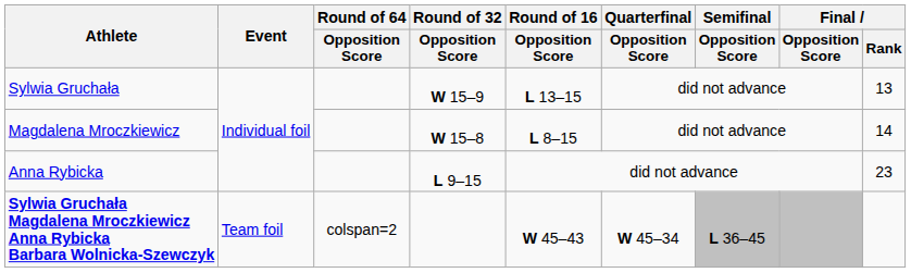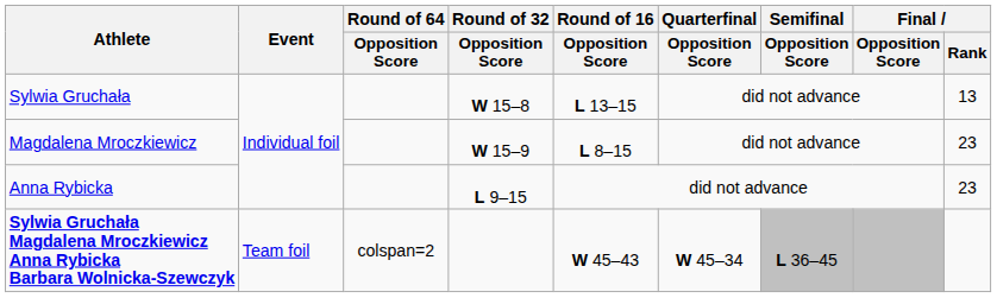 <table class="wikitable" style="font-size:90%">
 <tr>
 <th rowspan="2">Athlete</th>
 <th rowspan="2">Event</th>
 <th>Round of 64</th>
 <th>Round of 32</th>
 <th>Round of 16</th>
 <th>Quarterfinal</th>
 <th>Semifinal</th>
 <th colspan=2>Final / </th>
 </tr>
 <tr style="font-size:95%">
 <th>Opposition <br> Score</th>
 <th>Opposition <br> Score</th>
 <th>Opposition <br> Score</th>
 <th>Opposition <br> Score</th>
 <th>Opposition <br> Score</th>
 <th>Opposition <br> Score</th>
 <th>Rank</th>
 </tr>
 <tr align=center>
 <td align=left><a href='#'>Sylwia Gruchała</a></td>
 <td align=left rowspan=3><a href='#'>Individual foil</a></td>
 <td></td>
-<td><br><strong>W</strong> 15–9</td>
+<td><br><strong>W</strong> 15–8</td>
 <td><br><strong>L</strong> 13–15</td>
 <td colspan=3>did not advance</td>
 <td>13</td>
 </tr>
 <tr align=center>
 <td align=left><a href='#'>Magdalena Mroczkiewicz</a></td>
 <td></td>
-<td><br><strong>W</strong> 15–8</td>
+<td><br><strong>W</strong> 15–9</td>
 <td><br><strong>L</strong> 8–15</td>
 <td colspan=3>did not advance</td>
-<td>14</td>
+<td>23</td>
 </tr>
 <tr align=center>
 <td align=left><a href='#'>Anna Rybicka</a></td>
 <td></td>
 <td><br><strong>L</strong> 9–15</td>
 <td colspan=4>did not advance</td>
 <td>23</td>
 </tr>
 <tr align=center>
 <td align=left><strong><a href='#'>Sylwia Gruchała</a><br><a href='#'>Magdalena Mroczkiewicz</a><br><a href='#'>Anna Rybicka</a><br><a href='#'>Barbara Wolnicka-Szewczyk</a></strong></td>
 <td align=left><a href='#'>Team foil</a></td>
 <td>colspan=2 </td>
 <td></td>
 <td><br><strong>W</strong> 45–43</td>
 <td><br><strong>W</strong> 45–34</td>
 <td align="center" bgcolor='silver'><br><strong>L</strong> 36–45</td>
 <td align="center" bgcolor='silver'></td>
 </tr>
 </table>
